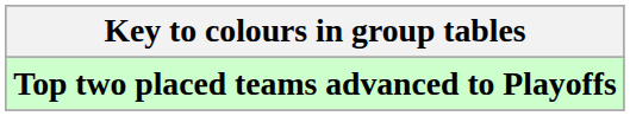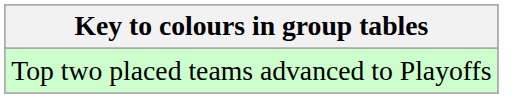 <table class="wikitable">
 <tr>
 <th>Key to colours in group tables</th>
 </tr>
 <tr bgcolor=#ccffcc>
-<td><strong>Top two placed teams advanced to Playoffs</strong></td>
+<td>Top two placed teams advanced to Playoffs</td>
 </tr>
 </table>
